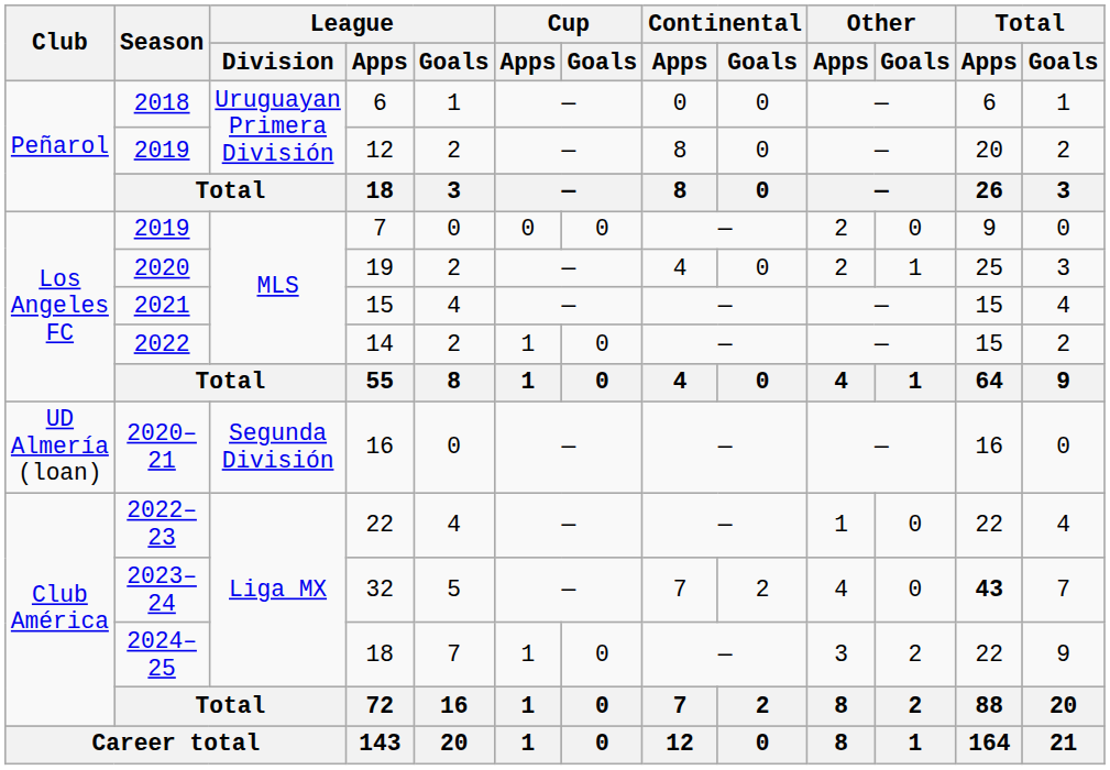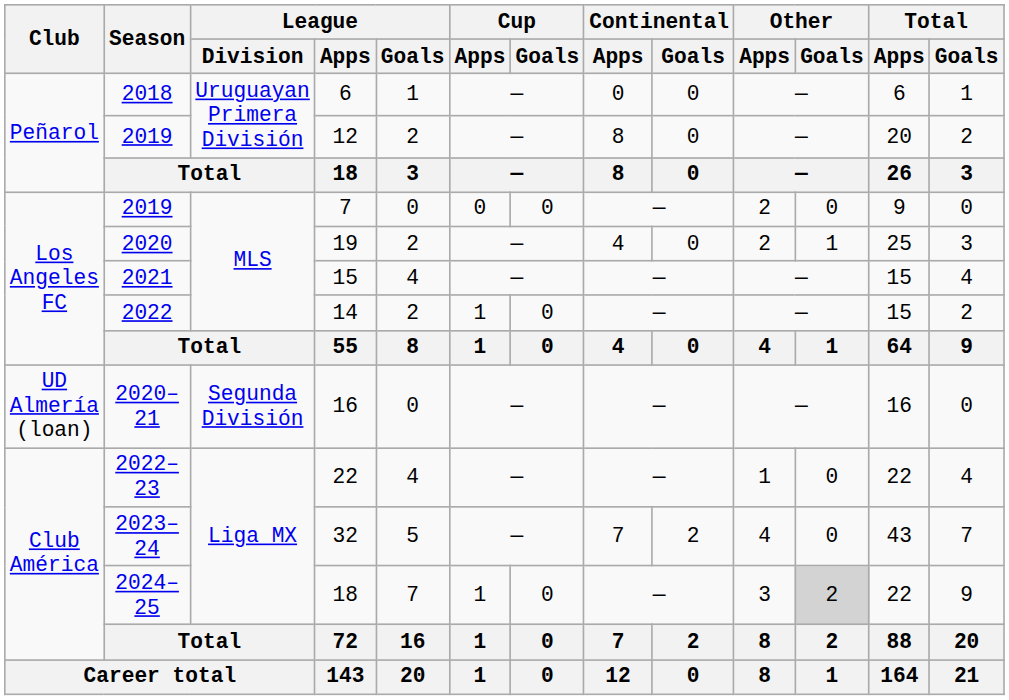 <table class="wikitable" Style="text-align: center">
 <tr>
 <th rowspan="2">Club</th>
 <th rowspan="2">Season</th>
 <th colspan="3">League</th>
 <th colspan="2">Cup</th>
 <th colspan="2">Continental</th>
 <th colspan="2">Other</th>
 <th colspan="2">Total</th>
 </tr>
 <tr>
 <th>Division</th>
 <th>Apps</th>
 <th>Goals</th>
 <th>Apps</th>
 <th>Goals</th>
 <th>Apps</th>
 <th>Goals</th>
 <th>Apps</th>
 <th>Goals</th>
 <th>Apps</th>
 <th>Goals</th>
 </tr>
 <tr>
 <td rowspan="3"><a href='#'>Peñarol</a></td>
 <td><a href='#'>2018</a></td>
 <td rowspan="2"><a href='#'>Uruguayan Primera División</a></td>
 <td>6</td>
 <td>1</td>
 <td colspan="2">—</td>
 <td>0</td>
 <td>0</td>
 <td colspan="2">—</td>
 <td>6</td>
 <td>1</td>
 </tr>
 <tr>
 <td><a href='#'>2019</a></td>
 <td>12</td>
 <td>2</td>
 <td colspan="2">—</td>
 <td>8</td>
 <td>0</td>
 <td colspan="2">—</td>
 <td>20</td>
 <td>2</td>
 </tr>
 <tr>
 <th colspan="2">Total</th>
 <th>18</th>
 <th>3</th>
 <th colspan="2">—</th>
 <th>8</th>
 <th>0</th>
 <th colspan="2">—</th>
 <th>26</th>
 <th>3</th>
 </tr>
 <tr>
 <td rowspan="5"><a href='#'>Los Angeles FC</a></td>
 <td><a href='#'>2019</a></td>
 <td rowspan="4"><a href='#'>MLS</a></td>
 <td>7</td>
 <td>0</td>
 <td>0</td>
 <td>0</td>
 <td colspan="2">—</td>
 <td>2</td>
 <td>0</td>
 <td>9</td>
 <td>0</td>
 </tr>
 <tr>
 <td><a href='#'>2020</a></td>
 <td>19</td>
 <td>2</td>
 <td colspan="2">—</td>
 <td>4</td>
 <td>0</td>
 <td>2</td>
 <td>1</td>
 <td>25</td>
 <td>3</td>
 </tr>
 <tr>
 <td><a href='#'>2021</a></td>
 <td>15</td>
 <td>4</td>
 <td colspan="2">—</td>
 <td colspan="2">—</td>
 <td colspan="2">—</td>
 <td>15</td>
 <td>4</td>
 </tr>
 <tr>
 <td><a href='#'>2022</a></td>
 <td>14</td>
 <td>2</td>
 <td>1</td>
 <td>0</td>
 <td colspan="2">—</td>
 <td colspan="2">—</td>
 <td>15</td>
 <td>2</td>
 </tr>
 <tr>
 <th colspan=2>Total</th>
 <th>55</th>
 <th>8</th>
 <th>1</th>
 <th>0</th>
 <th>4</th>
 <th>0</th>
 <th>4</th>
 <th>1</th>
 <th>64</th>
 <th>9</th>
 </tr>
 <tr>
 <td><a href='#'>UD Almería</a> (loan)</td>
 <td><a href='#'>2020–21</a></td>
 <td><a href='#'>Segunda División</a></td>
 <td>16</td>
 <td>0</td>
 <td colspan="2">—</td>
 <td colspan="2">—</td>
 <td colspan="2">—</td>
 <td>16</td>
 <td>0</td>
 </tr>
 <tr>
 <td rowspan="4"><a href='#'>Club América</a></td>
 <td><a href='#'>2022–23</a></td>
 <td rowspan="3"><a href='#'>Liga MX</a></td>
 <td>22</td>
 <td>4</td>
 <td colspan="2">—</td>
 <td colspan="2">—</td>
 <td>1</td>
 <td>0</td>
 <td>22</td>
 <td>4</td>
 </tr>
 <tr>
 <td><a href='#'>2023–24</a></td>
 <td>32</td>
 <td>5</td>
 <td colspan="2">—</td>
 <td>7</td>
 <td>2</td>
 <td>4</td>
 <td>0</td>
-<td><strong>43</strong></td>
+<td>43</td>
 <td>7</td>
 </tr>
 <tr>
 <td><a href='#'>2024–25</a></td>
 <td>18</td>
 <td>7</td>
 <td>1</td>
 <td>0</td>
 <td colspan="2">—</td>
 <td>3</td>
-<td>2</td>
+<td style="background: lightgrey;">2</td>
 <td>22</td>
 <td>9</td>
 </tr>
 <tr>
 <th colspan=2>Total</th>
 <th>72</th>
 <th>16</th>
 <th>1</th>
 <th>0</th>
 <th>7</th>
 <th>2</th>
 <th>8</th>
 <th>2</th>
 <th>88</th>
 <th>20</th>
 </tr>
 <tr>
 <th colspan="3">Career total</th>
 <th>143</th>
 <th>20</th>
 <th>1</th>
 <th>0</th>
 <th>12</th>
 <th>0</th>
 <th>8</th>
 <th>1</th>
 <th>164</th>
 <th>21</th>
 </tr>
 </table>
